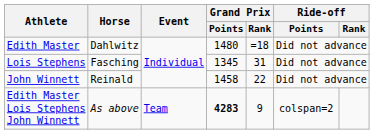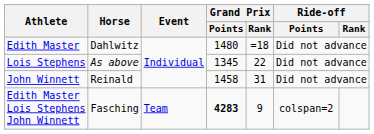 <table class=wikitable style=font-size:90%;text-align:center>
 <tr>
 <th rowspan=2>Athlete</th>
 <th rowspan=2>Horse</th>
 <th rowspan=2>Event</th>
 <th colspan=2>Grand Prix</th>
 <th colspan=2>Ride-off</th>
 </tr>
 <tr style=font-size:95%>
 <th>Points</th>
 <th>Rank</th>
 <th>Points</th>
 <th>Rank</th>
 </tr>
 <tr>
 <td align=left><a href='#'>Edith Master</a></td>
 <td align=left>Dahlwitz</td>
 <td align=left rowspan=3><a href='#'>Individual</a></td>
 <td>1480</td>
 <td>=18</td>
 <td colspan=2>Did not advance</td>
 </tr>
 <tr>
 <td align=left><a href='#'>Lois Stephens</a></td>
-<td align=left>Fasching</td>
+<td align=left><em>As above</em></td>
 <td>1345</td>
-<td>31</td>
+<td>22</td>
 <td colspan=2>Did not advance</td>
 </tr>
 <tr>
 <td align=left><a href='#'>John Winnett</a></td>
 <td align=left>Reinald</td>
 <td>1458</td>
-<td>22</td>
+<td>31</td>
 <td colspan=2>Did not advance</td>
 </tr>
 <tr>
 <td align=left><a href='#'>Edith Master</a><br><a href='#'>Lois Stephens</a><br><a href='#'>John Winnett</a></td>
-<td align=left><em>As above</em></td>
+<td align=left>Fasching</td>
 <td align=left><a href='#'>Team</a></td>
 <td><strong>4283</strong></td>
 <td>9</td>
 <td>colspan=2 </td>
 </tr>
 </table>
